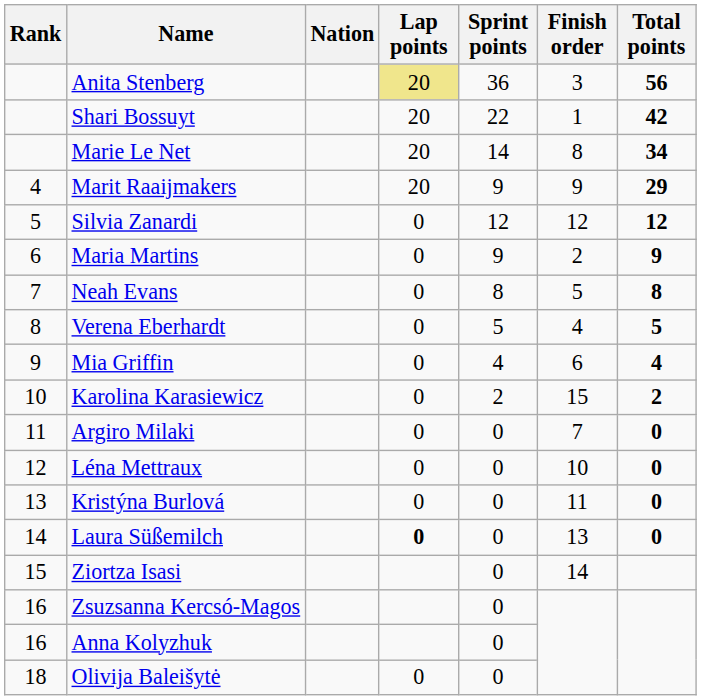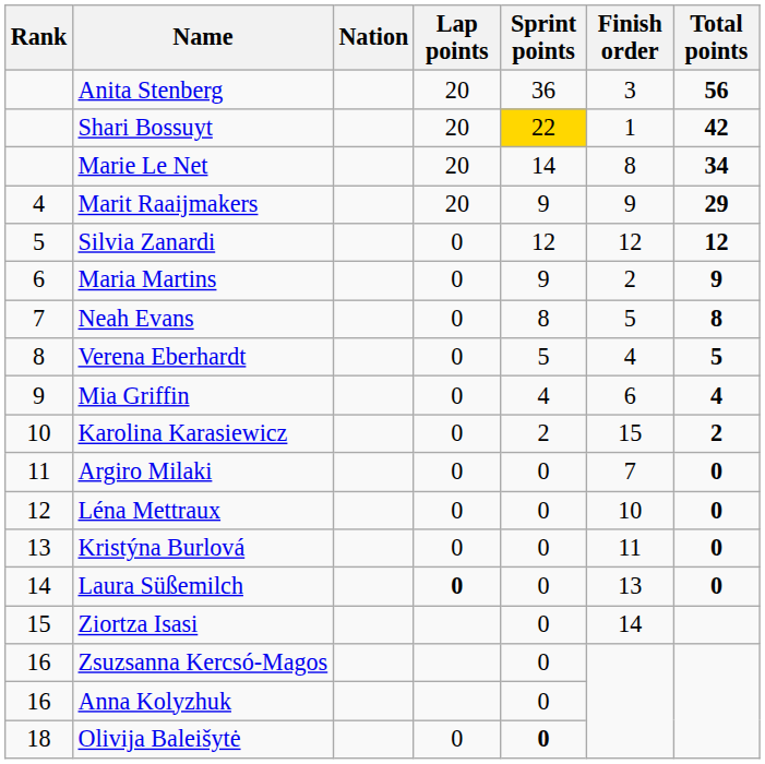 <table class="wikitable sortable" style="text-align:center">
 <tr>
 <th>Rank</th>
 <th>Name</th>
 <th>Nation</th>
 <th width=50>Lap points</th>
 <th width=50>Sprint points</th>
 <th width=50>Finish order</th>
 <th width=50>Total points</th>
 </tr>
 <tr>
 <td></td>
 <td align=left><a href='#'>Anita Stenberg</a></td>
 <td align=left></td>
-<td style="background: khaki;">20</td>
+<td>20</td>
 <td>36</td>
 <td>3</td>
 <td><strong>56</strong></td>
 </tr>
 <tr>
 <td></td>
 <td align=left><a href='#'>Shari Bossuyt</a></td>
 <td align=left></td>
 <td>20</td>
-<td>22</td>
+<td style="background: gold;">22</td>
 <td>1</td>
 <td><strong>42</strong></td>
 </tr>
 <tr>
 <td></td>
 <td align=left><a href='#'>Marie Le Net</a></td>
 <td align=left></td>
 <td>20</td>
 <td>14</td>
 <td>8</td>
 <td><strong>34</strong></td>
 </tr>
 <tr>
 <td>4</td>
 <td align=left><a href='#'>Marit Raaijmakers</a></td>
 <td align=left></td>
 <td>20</td>
 <td>9</td>
 <td>9</td>
 <td><strong>29</strong></td>
 </tr>
 <tr>
 <td>5</td>
 <td align=left><a href='#'>Silvia Zanardi</a></td>
 <td align=left></td>
 <td>0</td>
 <td>12</td>
 <td>12</td>
 <td><strong>12</strong></td>
 </tr>
 <tr>
 <td>6</td>
 <td align=left><a href='#'>Maria Martins</a></td>
 <td align=left></td>
 <td>0</td>
 <td>9</td>
 <td>2</td>
 <td><strong>9</strong></td>
 </tr>
 <tr>
 <td>7</td>
 <td align=left><a href='#'>Neah Evans</a></td>
 <td align=left></td>
 <td>0</td>
 <td>8</td>
 <td>5</td>
 <td><strong>8</strong></td>
 </tr>
 <tr>
 <td>8</td>
 <td align=left><a href='#'>Verena Eberhardt</a></td>
 <td align=left></td>
 <td>0</td>
 <td>5</td>
 <td>4</td>
 <td><strong>5</strong></td>
 </tr>
 <tr>
 <td>9</td>
 <td align=left><a href='#'>Mia Griffin</a></td>
 <td align=left></td>
 <td>0</td>
 <td>4</td>
 <td>6</td>
 <td><strong>4</strong></td>
 </tr>
 <tr>
 <td>10</td>
 <td align=left><a href='#'>Karolina Karasiewicz</a></td>
 <td align=left></td>
 <td>0</td>
 <td>2</td>
 <td>15</td>
 <td><strong>2</strong></td>
 </tr>
 <tr>
 <td>11</td>
 <td align=left><a href='#'>Argiro Milaki</a></td>
 <td align="left"></td>
 <td>0</td>
 <td>0</td>
 <td>7</td>
 <td><strong>0</strong></td>
 </tr>
 <tr>
 <td>12</td>
 <td align=left><a href='#'>Léna Mettraux</a></td>
 <td align="left"></td>
 <td>0</td>
 <td>0</td>
 <td>10</td>
 <td><strong>0</strong></td>
 </tr>
 <tr>
 <td>13</td>
 <td align=left><a href='#'>Kristýna Burlová</a></td>
 <td align="left"></td>
 <td>0</td>
 <td>0</td>
 <td>11</td>
 <td><strong>0</strong></td>
 </tr>
 <tr>
 <td>14</td>
 <td align=left><a href='#'>Laura Süßemilch</a></td>
 <td align=left></td>
 <td><strong>0</strong></td>
 <td>0</td>
 <td>13</td>
 <td><strong>0</strong></td>
 </tr>
 <tr>
 <td>15</td>
 <td align=left><a href='#'>Ziortza Isasi</a></td>
 <td align=left></td>
 <td></td>
 <td>0</td>
 <td>14</td>
 <td><strong></strong></td>
 </tr>
 <tr>
 <td>16</td>
 <td align=left><a href='#'>Zsuzsanna Kercsó-Magos</a></td>
 <td align="left"></td>
 <td></td>
 <td>0</td>
 <td rowspan=3></td>
 <td rowspan=3></td>
 </tr>
 <tr>
 <td>16</td>
 <td align=left><a href='#'>Anna Kolyzhuk</a></td>
 <td align="left"></td>
 <td></td>
 <td>0</td>
 </tr>
 <tr>
 <td>18</td>
 <td align=left><a href='#'>Olivija Baleišytė</a></td>
 <td align=left></td>
 <td>0</td>
-<td>0</td>
+<td><strong>0</strong></td>
 </tr>
 </table>
